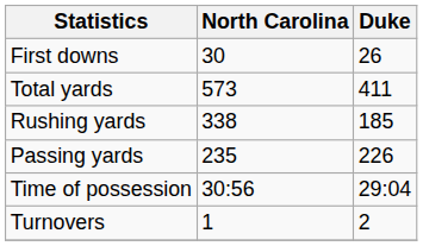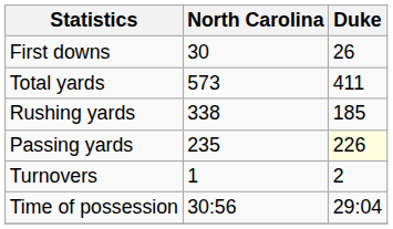 <table class="wikitable">
 <tr>
 <th>Statistics</th>
 <th>North Carolina</th>
 <th>Duke</th>
 </tr>
 <tr>
 <td>First downs</td>
 <td>30</td>
 <td>26</td>
 </tr>
 <tr>
 <td>Total yards</td>
 <td>573</td>
 <td>411</td>
 </tr>
 <tr>
 <td>Rushing yards</td>
 <td>338</td>
 <td>185</td>
 </tr>
 <tr>
 <td>Passing yards</td>
 <td>235</td>
-<td>226</td>
+<td style="background: lightyellow;">226</td>
+</tr>
+<tr>
+<td>Turnovers</td>
+<td>1</td>
+<td>2</td>
 </tr>
 <tr>
 <td>Time of possession</td>
 <td>30:56</td>
 <td>29:04</td>
 </tr>
 <tr>
-<td>Turnovers</td>
-<td>1</td>
-<td>2</td>
-</tr>
-<tr>
 </tr>
 </table>
